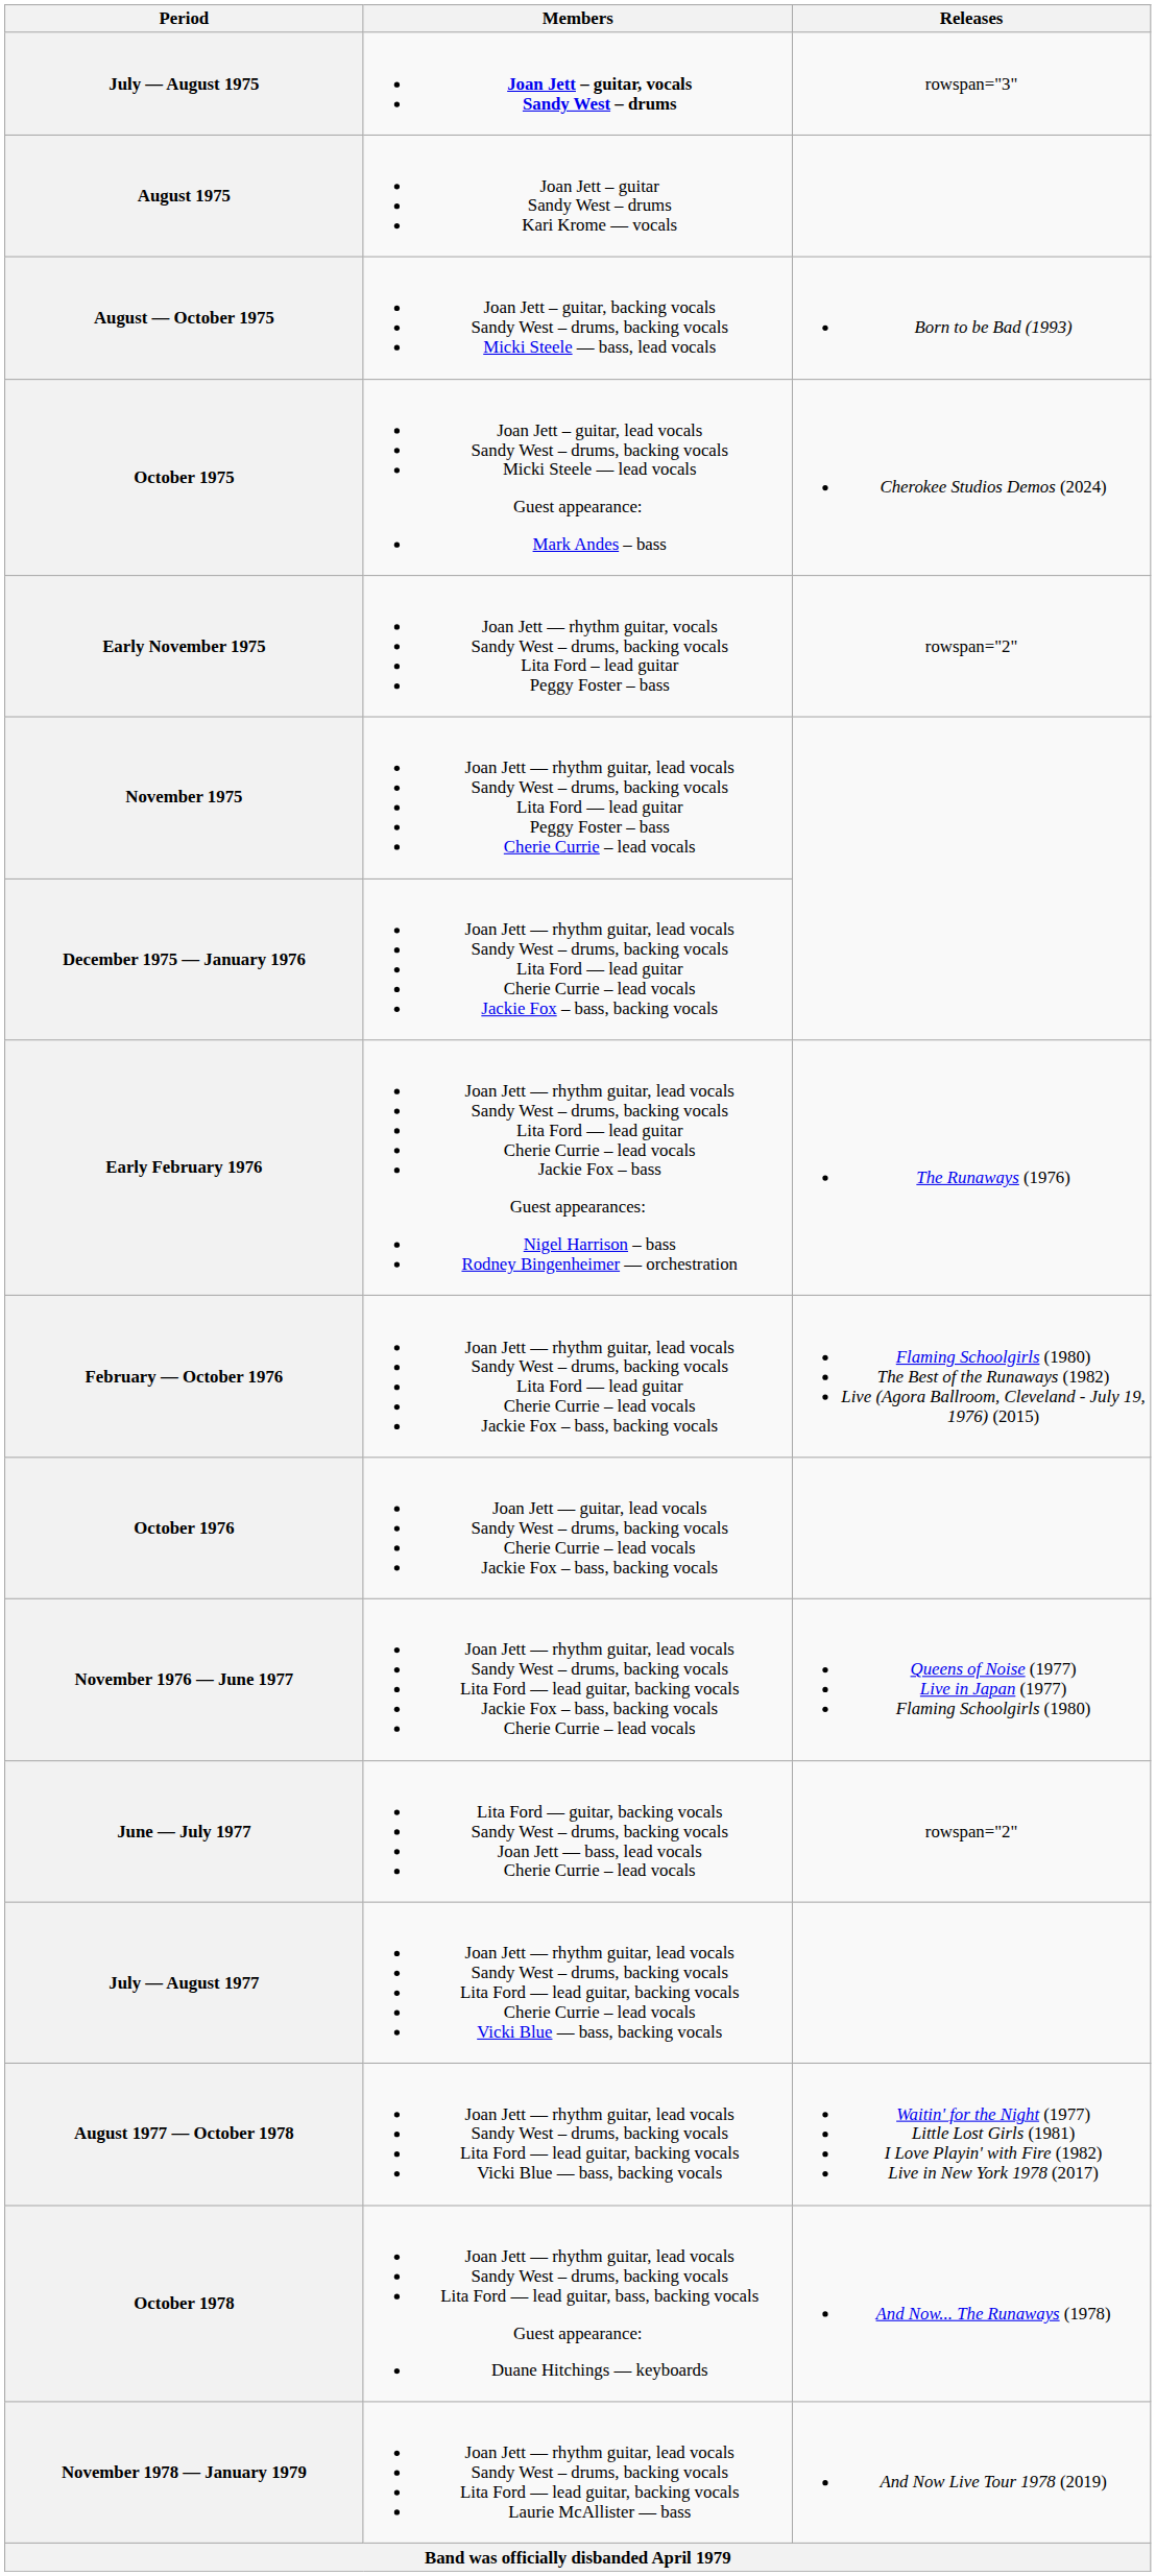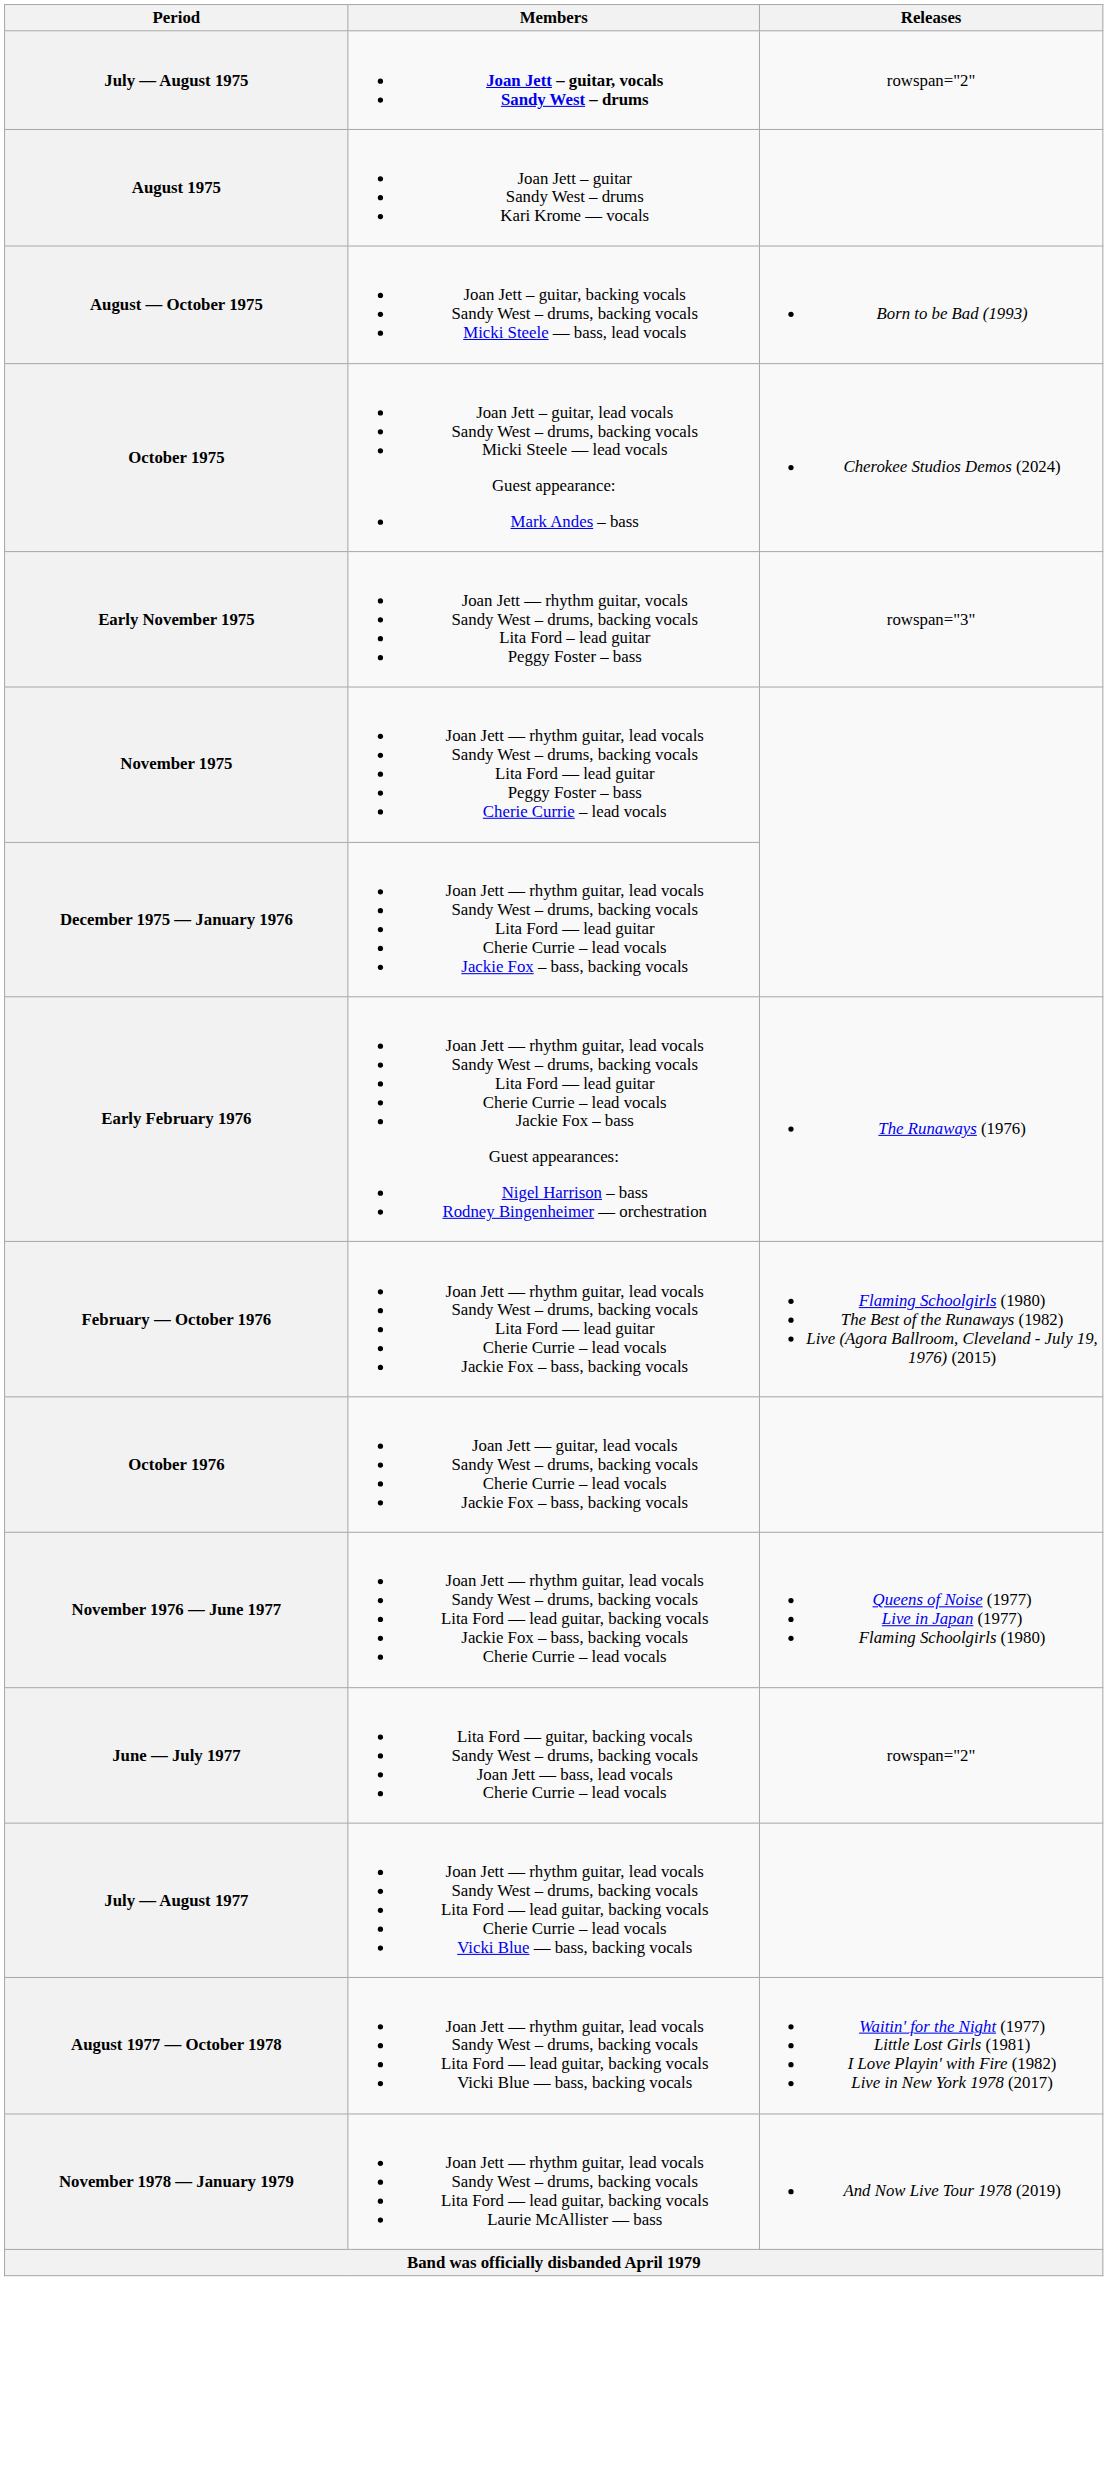 <table class="wikitable plainrowheaders" style="text-align:center;">
 <tr>
 <th scope="col" style="width:20em;">Period</th>
 <th scope="col" style="width:24em;">Members</th>
 <th scope="col" style="width:20em;">Releases</th>
 </tr>
 <tr>
 <th scope="col">July — August 1975</th>
 <td><strong><br><ul><li><a href='#'>Joan Jett</a> – guitar, vocals</li><li><a href='#'>Sandy West</a> – drums</li></ul></strong></td>
-<td>rowspan="3" </td>
+<td>rowspan="2" </td>
 </tr>
 <tr>
 <th scope="col">August 1975</th>
 <td><br><ul><li>Joan Jett – guitar</li><li>Sandy West – drums</li><li>Kari Krome — vocals</li></ul></td>
 </tr>
 <tr>
 <th scope="col">August — October 1975</th>
 <td><br><ul><li>Joan Jett – guitar, backing vocals</li><li>Sandy West – drums, backing vocals</li><li><a href='#'>Micki Steele</a> — bass, lead vocals</li></ul></td>
 <td><br><ul><li><em>Born to be Bad (1993)</em></li></ul></td>
 </tr>
 <tr>
 <th scope="col">October 1975</th>
 <td><br><ul><li>Joan Jett – guitar, lead vocals</li><li>Sandy West – drums, backing vocals</li><li>Micki Steele — lead vocals</li></ul>Guest appearance:<ul><li><a href='#'>Mark Andes</a> – bass</li></ul></td>
 <td><br><ul><li><em>Cherokee Studios Demos</em> (2024)</li></ul></td>
 </tr>
 <tr>
 <th scope="col">Early November 1975</th>
 <td><br><ul><li>Joan Jett — rhythm guitar, vocals</li><li>Sandy West – drums, backing vocals</li><li>Lita Ford – lead guitar</li><li>Peggy Foster – bass</li></ul></td>
-<td>rowspan="2" </td>
+<td>rowspan="3" </td>
 </tr>
 <tr>
 <th scope="col">November 1975</th>
 <td><br><ul><li>Joan Jett — rhythm guitar, lead vocals</li><li>Sandy West – drums, backing vocals</li><li>Lita Ford — lead guitar</li><li>Peggy Foster – bass</li><li><a href='#'>Cherie Currie</a> – lead vocals</li></ul></td>
 </tr>
 <tr>
 <th scope="col">December 1975 — January 1976 </th>
 <td><br><ul><li>Joan Jett — rhythm guitar, lead vocals</li><li>Sandy West – drums, backing vocals</li><li>Lita Ford — lead guitar</li><li>Cherie Currie – lead vocals</li><li><a href='#'>Jackie Fox</a> – bass, backing vocals</li></ul></td>
 </tr>
 <tr>
 <th scope="col">Early February 1976</th>
 <td><br><ul><li>Joan Jett — rhythm guitar, lead vocals</li><li>Sandy West – drums, backing vocals</li><li>Lita Ford — lead guitar</li><li>Cherie Currie – lead vocals</li><li>Jackie Fox – bass </li></ul>Guest appearances:<ul><li><a href='#'>Nigel Harrison</a> – bass</li><li><a href='#'>Rodney Bingenheimer</a> — orchestration</li></ul></td>
 <td><br><ul><li><em><a href='#'>The Runaways</a></em> (1976)</li></ul></td>
 </tr>
 <tr>
 <th scope="col">February — October 1976 </th>
 <td><br><ul><li>Joan Jett — rhythm guitar, lead vocals</li><li>Sandy West – drums, backing vocals</li><li>Lita Ford — lead guitar</li><li>Cherie Currie – lead vocals</li><li>Jackie Fox – bass, backing vocals</li></ul></td>
 <td><br><ul><li><em><a href='#'>Flaming Schoolgirls</a></em> (1980)</li><li><em>The Best of the Runaways</em> (1982)</li><li><em>Live (Agora Ballroom, Cleveland - July 19, 1976)</em> (2015)</li></ul></td>
 </tr>
 <tr>
 <th scope="col">October 1976</th>
 <td><br><ul><li>Joan Jett — guitar, lead vocals</li><li>Sandy West – drums, backing vocals</li><li>Cherie Currie – lead vocals</li><li>Jackie Fox – bass, backing vocals</li></ul></td>
 <td></td>
 </tr>
 <tr>
 <th scope="col">November 1976 — June 1977 </th>
 <td><br><ul><li>Joan Jett — rhythm guitar, lead vocals</li><li>Sandy West – drums, backing vocals</li><li>Lita Ford — lead guitar, backing vocals </li><li>Jackie Fox – bass, backing vocals</li><li>Cherie Currie – lead vocals</li></ul></td>
 <td><br><ul><li><em><a href='#'>Queens of Noise</a></em> (1977)</li><li><em><a href='#'>Live in Japan</a></em> (1977)</li><li><em>Flaming Schoolgirls</em> (1980)</li></ul></td>
 </tr>
 <tr>
 <th scope="col">June — July 1977</th>
 <td><br><ul><li>Lita Ford — guitar, backing vocals</li><li>Sandy West – drums, backing vocals</li><li>Joan Jett — bass, lead vocals</li><li>Cherie Currie – lead vocals</li></ul></td>
 <td>rowspan="2" </td>
 </tr>
 <tr>
 <th scope="col">July — August 1977</th>
 <td><br><ul><li>Joan Jett — rhythm guitar, lead vocals</li><li>Sandy West – drums, backing vocals</li><li>Lita Ford — lead guitar, backing vocals</li><li>Cherie Currie – lead vocals</li><li><a href='#'>Vicki Blue</a> — bass, backing vocals</li></ul></td>
 </tr>
 <tr>
 <th scope="col">August 1977 — October 1978</th>
 <td><br><ul><li>Joan Jett — rhythm guitar, lead vocals</li><li>Sandy West – drums, backing vocals</li><li>Lita Ford — lead guitar, backing vocals</li><li>Vicki Blue — bass, backing vocals</li></ul></td>
 <td><br><ul><li><em><a href='#'>Waitin' for the Night</a></em> (1977)</li><li><em>Little Lost Girls</em> (1981)</li><li><em>I Love Playin' with Fire</em> (1982)</li><li><em>Live in New York 1978</em> (2017)</li></ul></td>
 </tr>
 <tr>
-<th scope="col">October 1978</th>
-<td><br><ul><li>Joan Jett — rhythm guitar, lead vocals</li><li>Sandy West – drums, backing vocals</li><li>Lita Ford — lead guitar, bass, backing vocals</li></ul>Guest appearance:<ul><li>Duane Hitchings — keyboards</li></ul></td>
-<td><br><ul><li><em><a href='#'>And Now... The Runaways</a></em> (1978)</li></ul></td>
-</tr>
-<tr>
 <th scope="col">November 1978 — January 1979</th>
 <td><br><ul><li>Joan Jett — rhythm guitar, lead vocals</li><li>Sandy West – drums, backing vocals</li><li>Lita Ford — lead guitar, backing vocals</li><li>Laurie McAllister — bass</li></ul></td>
 <td><br><ul><li><em>And Now Live Tour 1978</em> (2019)</li></ul></td>
 </tr>
 <tr>
 <th scope="col" colspan="3">Band was officially disbanded April 1979</th>
 </tr>
 </table>
